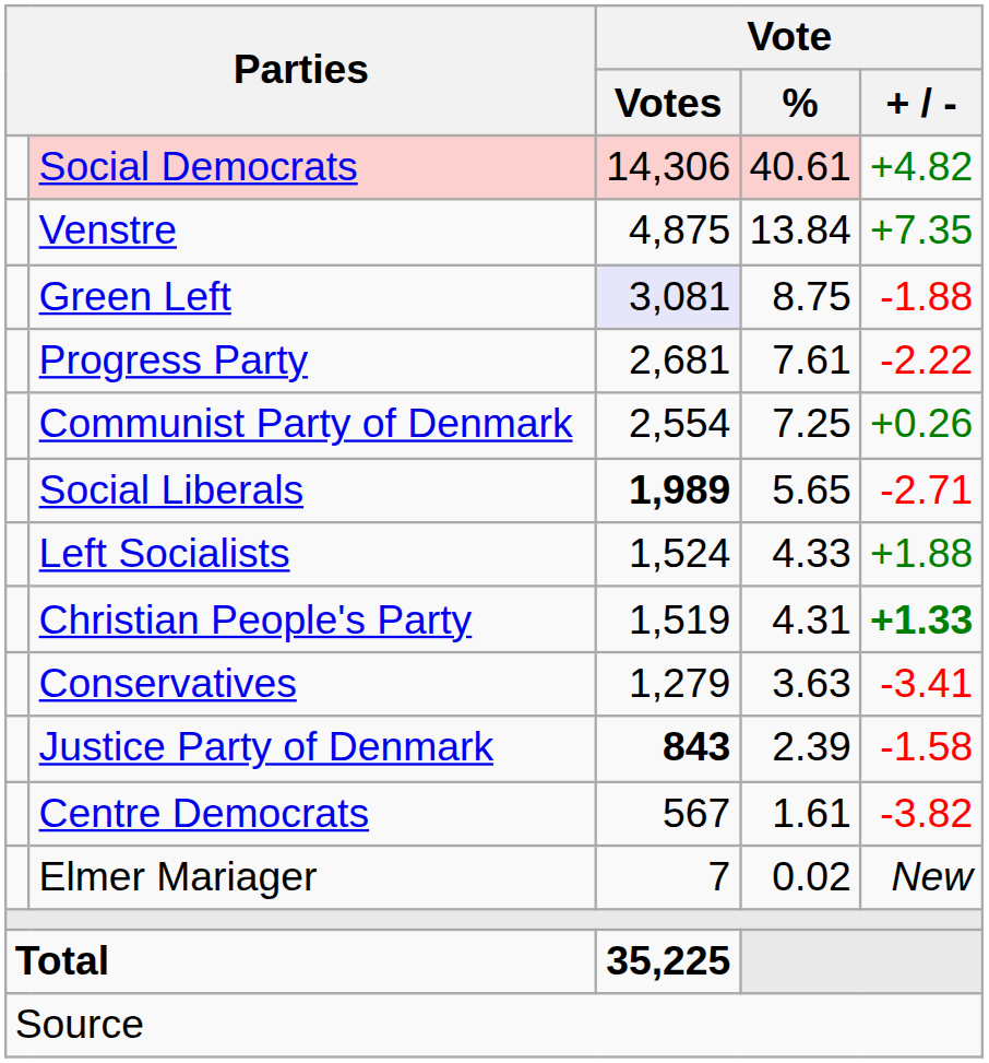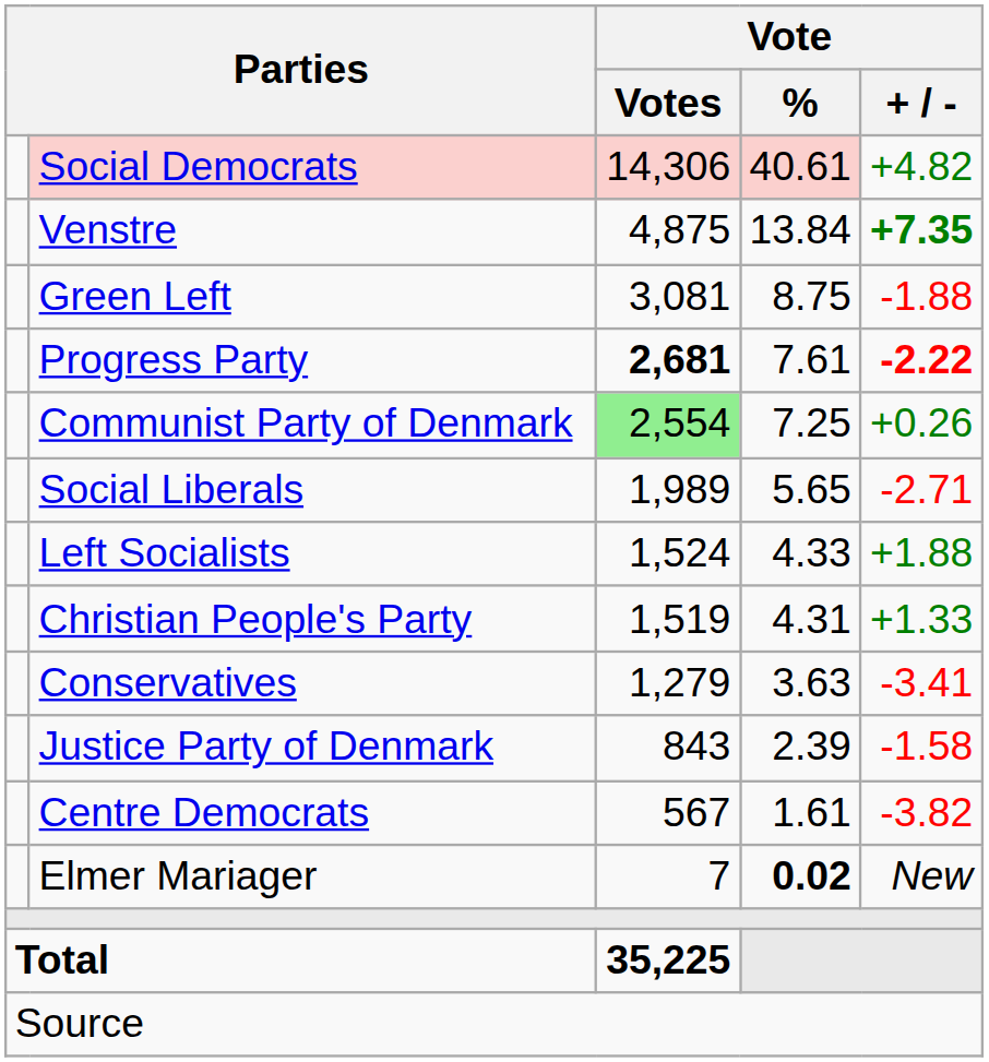 <table class="wikitable" style="text-align:right;">
 <tr>
 <th style="text-align:centre;" rowspan="2" colspan="2" width="225">Parties</th>
 <th colspan="3">Vote</th>
 </tr>
 <tr>
 <th width="15">Votes</th>
 <th width="15">%</th>
 <th width="15">+ / -</th>
 </tr>
 <tr>
 <td width="2" style="color:inherit;background:"></td>
 <td bgcolor=#fbd0ce  align="left"><a href='#'>Social Democrats</a></td>
 <td bgcolor=#fbd0ce>14,306</td>
 <td bgcolor=#fbd0ce>40.61</td>
 <td style=color:green;>+4.82</td>
 </tr>
 <tr>
 <td width="2" style="color:inherit;background:"></td>
 <td align="left"><a href='#'>Venstre</a></td>
 <td>4,875</td>
 <td>13.84</td>
-<td style=color:green;>+7.35</td>
+<td style=color:green;><strong>+7.35</strong></td>
 </tr>
 <tr>
 <td width="2" style="color:inherit;background:"></td>
 <td align="left"><a href='#'>Green Left</a></td>
-<td style="background: lavender;">3,081</td>
+<td>3,081</td>
 <td>8.75</td>
 <td style=color:red;>-1.88</td>
 </tr>
 <tr>
 <td width="2" style="color:inherit;background:"></td>
 <td align="left"><a href='#'>Progress Party</a></td>
-<td>2,681</td>
+<td><strong>2,681</strong></td>
 <td>7.61</td>
-<td style=color:red;>-2.22</td>
+<td style=color:red;><strong>-2.22</strong></td>
 </tr>
 <tr>
 <td width="2" style="color:inherit;background:"></td>
 <td align="left"><a href='#'>Communist Party of Denmark</a></td>
-<td>2,554</td>
+<td style="background: lightgreen;">2,554</td>
 <td>7.25</td>
 <td style=color:green;>+0.26</td>
 </tr>
 <tr>
 <td width="2" style="color:inherit;background:"></td>
 <td align="left"><a href='#'>Social Liberals</a></td>
-<td><strong>1,989</strong></td>
+<td>1,989</td>
 <td>5.65</td>
 <td style=color:red;>-2.71</td>
 </tr>
 <tr>
 <td width="2" style="color:inherit;background:"></td>
 <td align="left"><a href='#'>Left Socialists</a></td>
 <td>1,524</td>
 <td>4.33</td>
 <td style=color:green;>+1.88</td>
 </tr>
 <tr>
 <td width="2" style="color:inherit;background:"></td>
 <td align="left"><a href='#'>Christian People's Party</a></td>
 <td>1,519</td>
 <td>4.31</td>
-<td style=color:green;><strong>+1.33</strong></td>
+<td style=color:green;>+1.33</td>
 </tr>
 <tr>
 <td width="2" style="color:inherit;background:"></td>
 <td align="left"><a href='#'>Conservatives</a></td>
 <td>1,279</td>
 <td>3.63</td>
 <td style=color:red;>-3.41</td>
 </tr>
 <tr>
 <td width="2" style="color:inherit;background:"></td>
 <td align="left"><a href='#'>Justice Party of Denmark</a></td>
-<td><strong>843</strong></td>
+<td>843</td>
 <td>2.39</td>
 <td style=color:red;>-1.58</td>
 </tr>
 <tr>
 <td width="2" style="color:inherit;background:"></td>
 <td align="left"><a href='#'>Centre Democrats</a></td>
 <td>567</td>
 <td>1.61</td>
 <td style=color:red;>-3.82</td>
 </tr>
 <tr>
 <td width="2" style="color:inherit;background:"></td>
 <td align="left">Elmer Mariager</td>
 <td>7</td>
-<td>0.02</td>
+<td><strong>0.02</strong></td>
 <td><em>New</em></td>
 </tr>
 <tr>
 <td colspan="7" bgcolor="#E9E9E9"></td>
 </tr>
 <tr>
 <td align="left" colspan="2"><strong>Total</strong></td>
 <td><strong>35,225</strong></td>
 <td bgcolor="#E9E9E9" colspan="2"></td>
 </tr>
 <tr>
 <td align="left" colspan="6">Source</td>
 </tr>
 </table>
